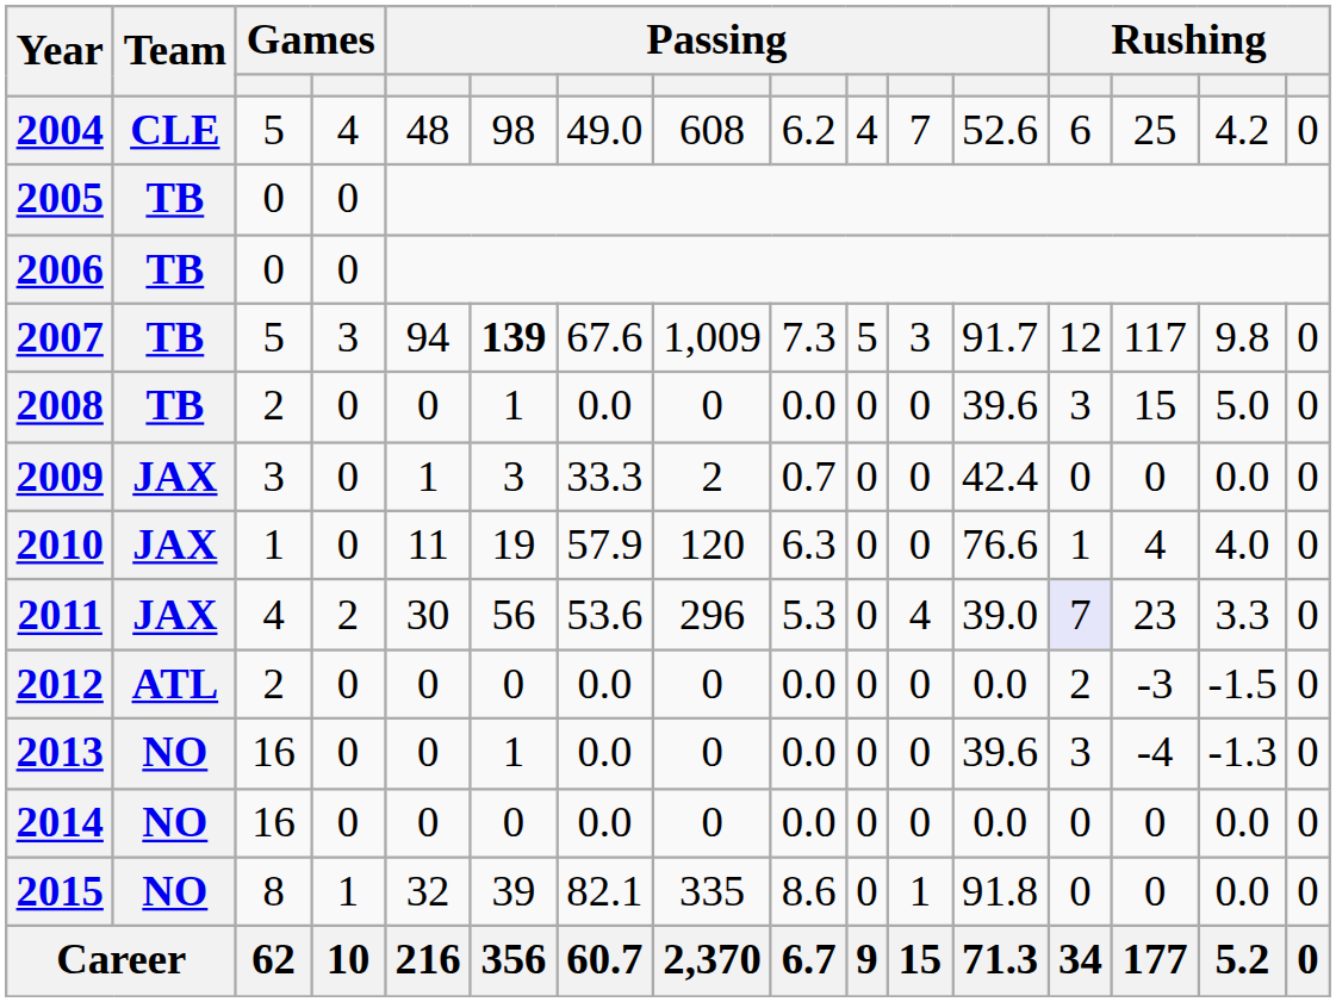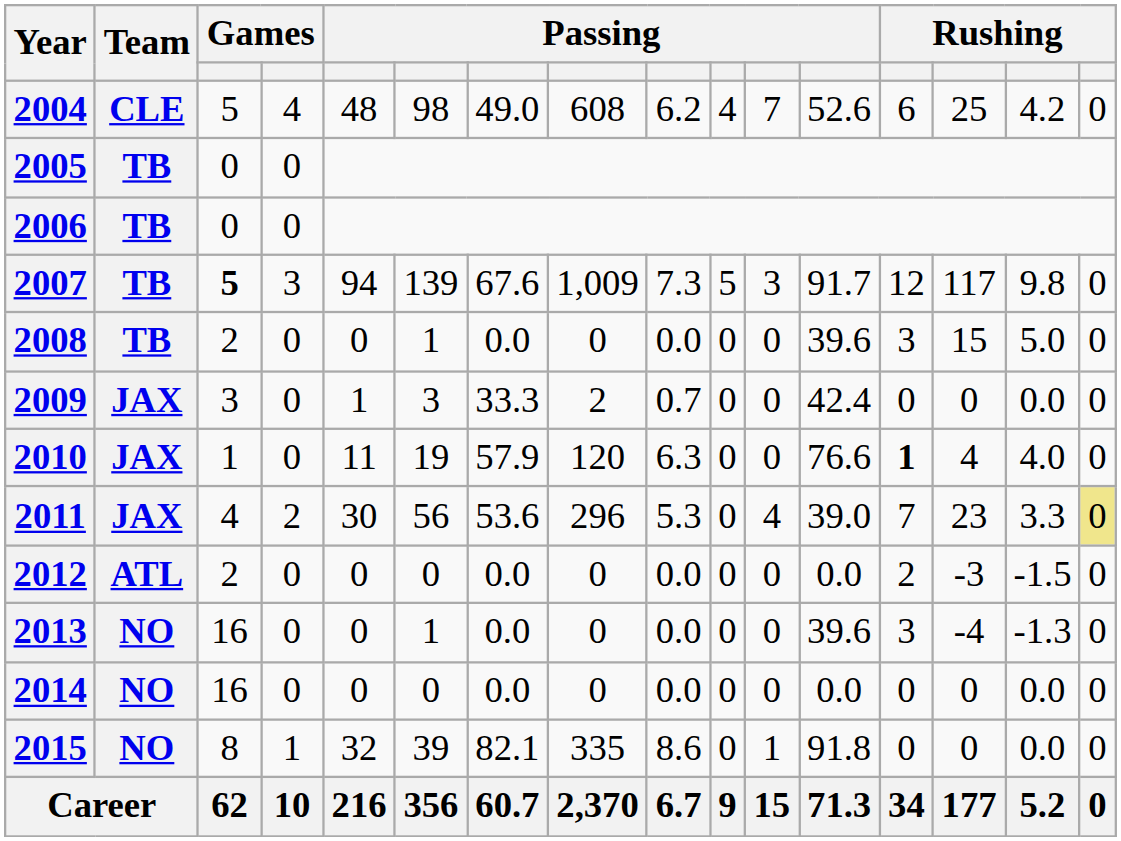 <table class="wikitable" style="text-align:center;">
 <tr>
 <th rowspan="2">Year</th>
 <th rowspan="2">Team</th>
 <th colspan="2">Games</th>
 <th colspan="8">Passing</th>
 <th colspan="4">Rushing</th>
 </tr>
 <tr>
 <th></th>
 <th></th>
 <th></th>
 <th></th>
 <th></th>
 <th></th>
 <th></th>
 <th></th>
 <th></th>
 <th></th>
 <th></th>
 <th></th>
 <th></th>
 <th></th>
 </tr>
 <tr>
 <th><a href='#'>2004</a></th>
 <th><a href='#'>CLE</a></th>
 <td>5</td>
 <td>4</td>
 <td>48</td>
 <td>98</td>
 <td>49.0</td>
 <td>608</td>
 <td>6.2</td>
 <td>4</td>
 <td>7</td>
 <td>52.6</td>
 <td>6</td>
 <td>25</td>
 <td>4.2</td>
 <td>0</td>
 </tr>
 <tr>
 <th><a href='#'>2005</a></th>
 <th><a href='#'>TB</a></th>
 <td>0</td>
 <td>0</td>
 <td colspan="12"></td>
 </tr>
 <tr>
 <th><a href='#'>2006</a></th>
 <th><a href='#'>TB</a></th>
 <td>0</td>
 <td>0</td>
 <td colspan="12"></td>
 </tr>
 <tr>
 <th><a href='#'>2007</a></th>
 <th><a href='#'>TB</a></th>
-<td>5</td>
+<td><strong>5</strong></td>
 <td>3</td>
 <td>94</td>
-<td><strong>139</strong></td>
+<td>139</td>
 <td>67.6</td>
 <td>1,009</td>
 <td>7.3</td>
 <td>5</td>
 <td>3</td>
 <td>91.7</td>
 <td>12</td>
 <td>117</td>
 <td>9.8</td>
 <td>0</td>
 </tr>
 <tr>
 <th><a href='#'>2008</a></th>
 <th><a href='#'>TB</a></th>
 <td>2</td>
 <td>0</td>
 <td>0</td>
 <td>1</td>
 <td>0.0</td>
 <td>0</td>
 <td>0.0</td>
 <td>0</td>
 <td>0</td>
 <td>39.6</td>
 <td>3</td>
 <td>15</td>
 <td>5.0</td>
 <td>0</td>
 </tr>
 <tr>
 <th><a href='#'>2009</a></th>
 <th><a href='#'>JAX</a></th>
 <td>3</td>
 <td>0</td>
 <td>1</td>
 <td>3</td>
 <td>33.3</td>
 <td>2</td>
 <td>0.7</td>
 <td>0</td>
 <td>0</td>
 <td>42.4</td>
 <td>0</td>
 <td>0</td>
 <td>0.0</td>
 <td>0</td>
 </tr>
 <tr>
 <th><a href='#'>2010</a></th>
 <th><a href='#'>JAX</a></th>
 <td>1</td>
 <td>0</td>
 <td>11</td>
 <td>19</td>
 <td>57.9</td>
 <td>120</td>
 <td>6.3</td>
 <td>0</td>
 <td>0</td>
 <td>76.6</td>
-<td>1</td>
+<td><strong>1</strong></td>
 <td>4</td>
 <td>4.0</td>
 <td>0</td>
 </tr>
 <tr>
 <th><a href='#'>2011</a></th>
 <th><a href='#'>JAX</a></th>
 <td>4</td>
 <td>2</td>
 <td>30</td>
 <td>56</td>
 <td>53.6</td>
 <td>296</td>
 <td>5.3</td>
 <td>0</td>
 <td>4</td>
 <td>39.0</td>
-<td style="background: lavender;">7</td>
+<td>7</td>
 <td>23</td>
 <td>3.3</td>
-<td>0</td>
+<td style="background: khaki;">0</td>
 </tr>
 <tr>
 <th><a href='#'>2012</a></th>
 <th><a href='#'>ATL</a></th>
 <td>2</td>
 <td>0</td>
 <td>0</td>
 <td>0</td>
 <td>0.0</td>
 <td>0</td>
 <td>0.0</td>
 <td>0</td>
 <td>0</td>
 <td>0.0</td>
 <td>2</td>
 <td>-3</td>
 <td>-1.5</td>
 <td>0</td>
 </tr>
 <tr>
 <th><a href='#'>2013</a></th>
 <th><a href='#'>NO</a></th>
 <td>16</td>
 <td>0</td>
 <td>0</td>
 <td>1</td>
 <td>0.0</td>
 <td>0</td>
 <td>0.0</td>
 <td>0</td>
 <td>0</td>
 <td>39.6</td>
 <td>3</td>
 <td>-4</td>
 <td>-1.3</td>
 <td>0</td>
 </tr>
 <tr>
 <th><a href='#'>2014</a></th>
 <th><a href='#'>NO</a></th>
 <td>16</td>
 <td>0</td>
 <td>0</td>
 <td>0</td>
 <td>0.0</td>
 <td>0</td>
 <td>0.0</td>
 <td>0</td>
 <td>0</td>
 <td>0.0</td>
 <td>0</td>
 <td>0</td>
 <td>0.0</td>
 <td>0</td>
 </tr>
 <tr>
 <th><a href='#'>2015</a></th>
 <th><a href='#'>NO</a></th>
 <td>8</td>
 <td>1</td>
 <td>32</td>
 <td>39</td>
 <td>82.1</td>
 <td>335</td>
 <td>8.6</td>
 <td>0</td>
 <td>1</td>
 <td>91.8</td>
 <td>0</td>
 <td>0</td>
 <td>0.0</td>
 <td>0</td>
 </tr>
 <tr>
 <th colspan="2">Career</th>
 <th>62</th>
 <th>10</th>
 <th>216</th>
 <th>356</th>
 <th>60.7</th>
 <th>2,370</th>
 <th>6.7</th>
 <th>9</th>
 <th>15</th>
 <th>71.3</th>
 <th>34</th>
 <th>177</th>
 <th>5.2</th>
 <th>0</th>
 </tr>
 </table>
